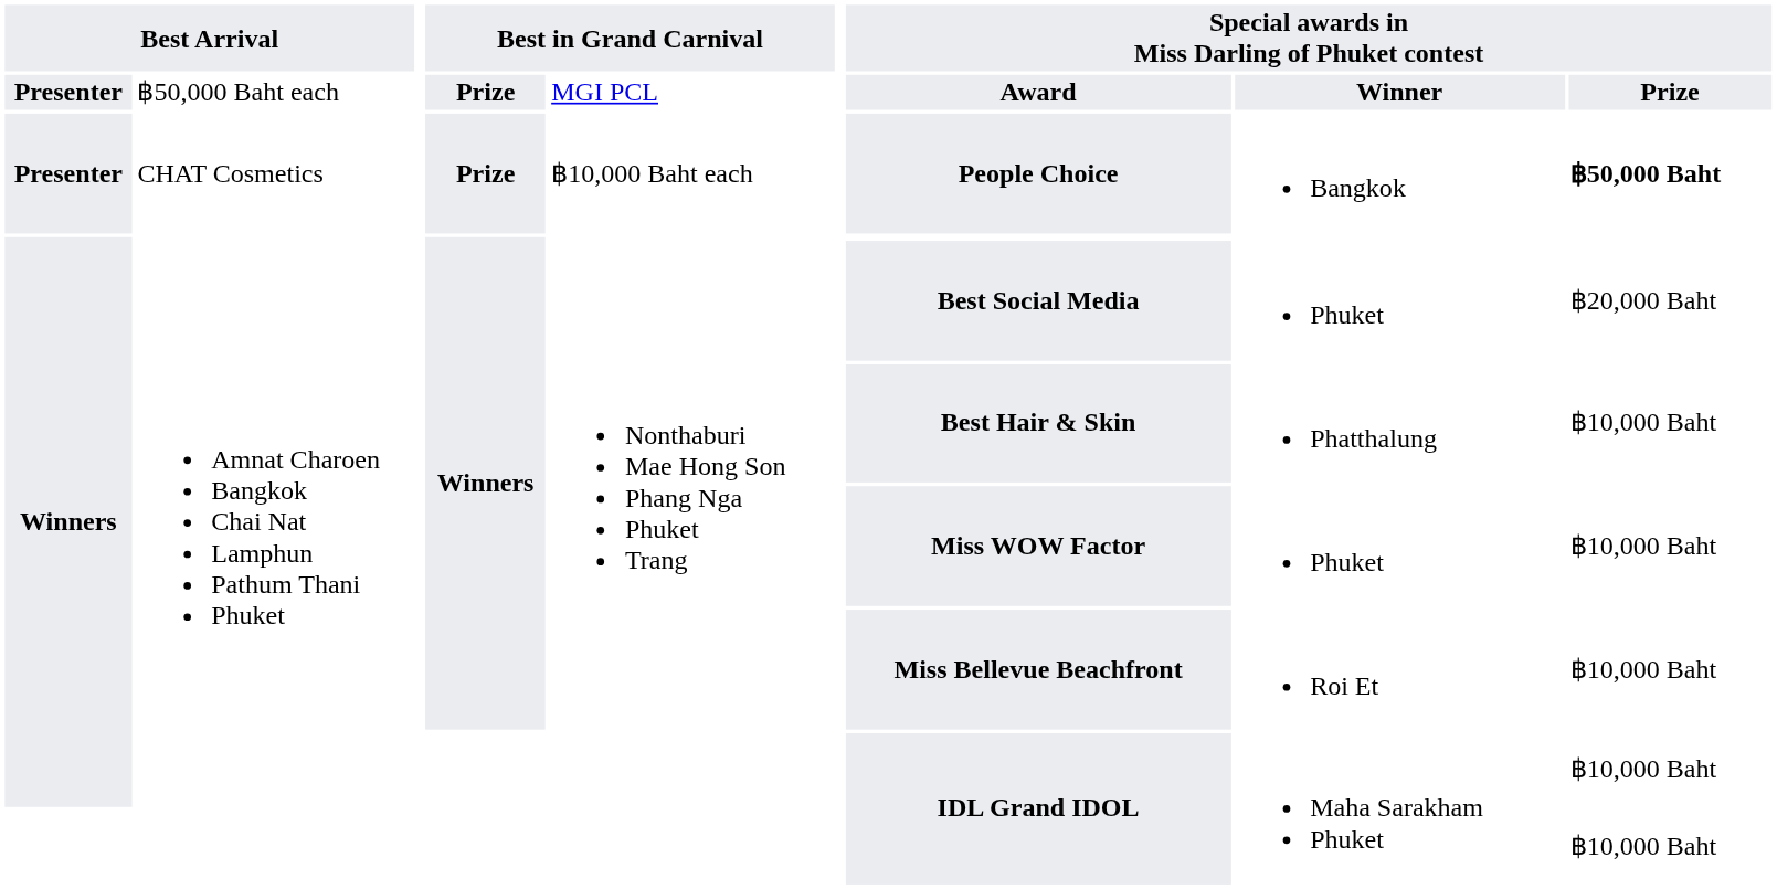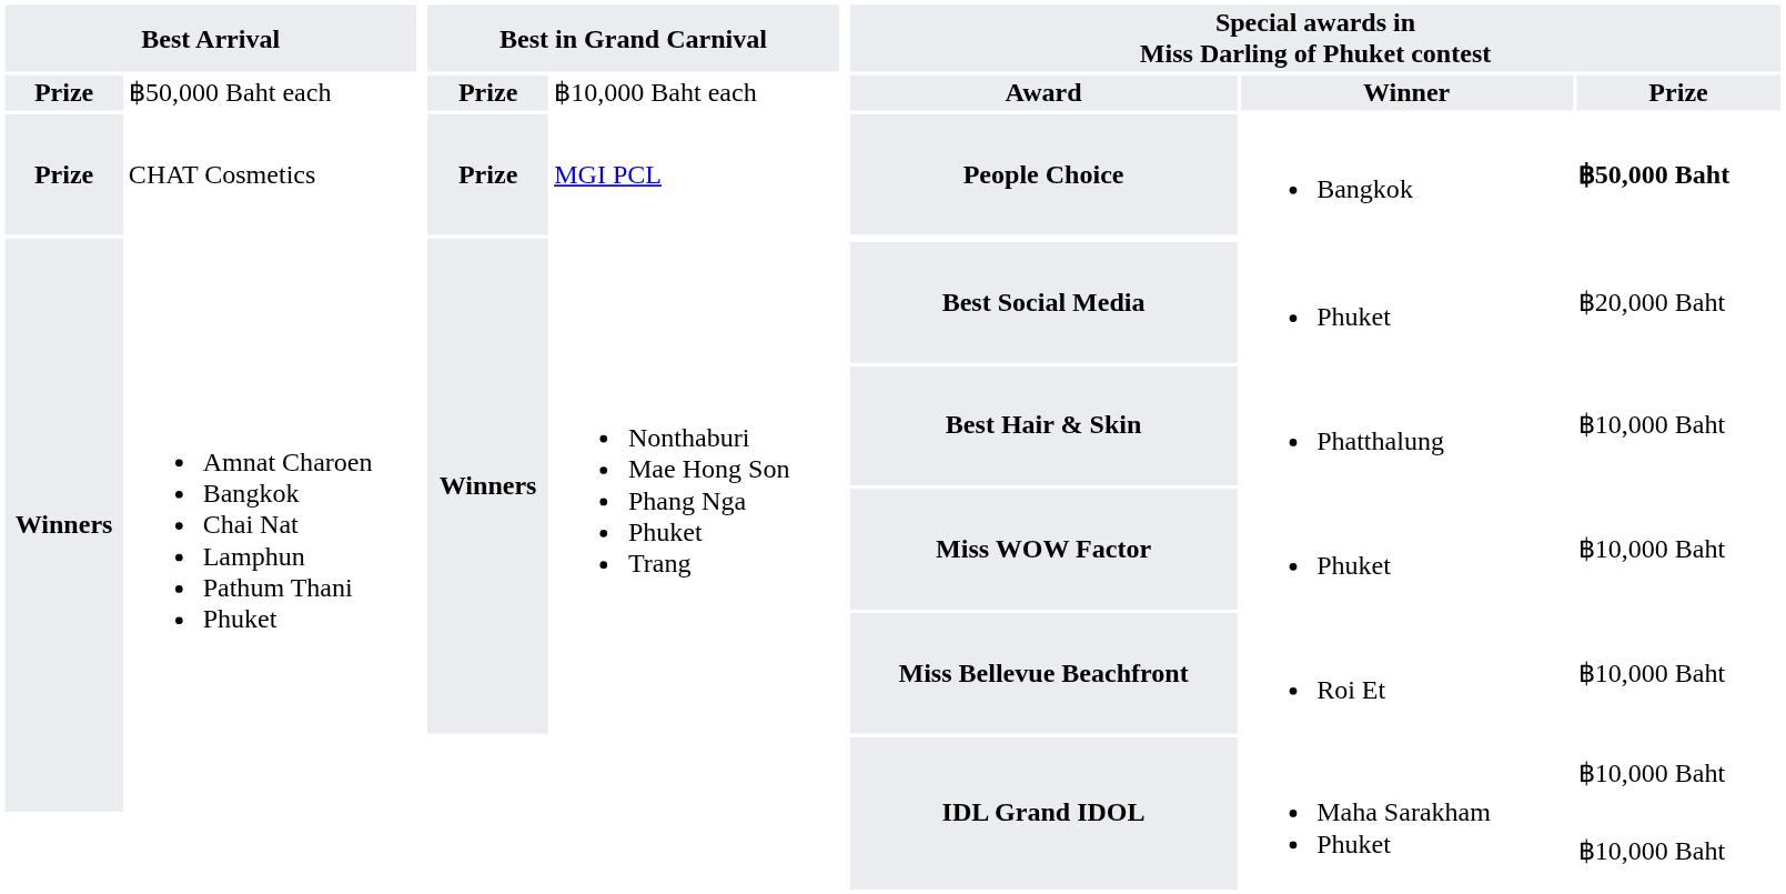 <table style="font-size: 90%";>
 <tr>
 <th width=220px bgcolor=#eaecf0 colspan=2><span>Best Arrival</span></th>
 <td rowspan=99></td>
 <th width=220px bgcolor=#eaecf0 colspan=2><span>Best in Grand Carnival</span></th>
 <td rowspan=99></td>
 <th width=500px bgcolor=#eaecf0 colspan=3><span>Special awards in<br>Miss Darling of Phuket contest</span></th>
 </tr>
 <tr>
-<th bgcolor=#eaecf0>Presenter</th>
+<th bgcolor=#eaecf0>Prize</th>
 <td>฿50,000 Baht each</td>
 <th bgcolor=#eaecf0>Prize</th>
-<td><a href='#'>MGI PCL</a></td>
+<td>฿10,000 Baht each</td>
 <th bgcolor=#eaecf0>Award</th>
 <th bgcolor=#eaecf0>Winner</th>
 <th bgcolor=#eaecf0>Prize</th>
 </tr>
 <tr>
-<th bgcolor=#eaecf0>Presenter</th>
+<th bgcolor=#eaecf0>Prize</th>
 <td>CHAT Cosmetics</td>
 <th bgcolor=#eaecf0>Prize</th>
-<td>฿10,000 Baht each</td>
+<td><a href='#'>MGI PCL</a></td>
 <th bgcolor=#eaecf0>People Choice</th>
 <td><br><ul><li>Bangkok</li></ul></td>
 <td><strong>฿50,000 Baht</strong></td>
 </tr>
 <tr>
 <th bgcolor=#eaecf0 rowspan=6>Winners</th>
 <td rowspan=6><br><ul><li>Amnat Charoen</li><li>Bangkok</li><li>Chai Nat</li><li>Lamphun</li><li>Pathum Thani</li><li>Phuket</li></ul></td>
 <th bgcolor=#eaecf0 rowspan=5>Winners</th>
 <td rowspan=5><br><ul><li>Nonthaburi</li><li>Mae Hong Son</li><li>Phang Nga</li><li>Phuket</li><li>Trang</li></ul></td>
 </tr>
 <tr>
 <th bgcolor=#eaecf0>Best Social Media</th>
 <td><br><ul><li>Phuket</li></ul></td>
 <td>฿20,000 Baht</td>
 </tr>
 <tr>
 <th bgcolor=#eaecf0>Best Hair & Skin</th>
 <td><br><ul><li>Phatthalung</li></ul></td>
 <td>฿10,000 Baht</td>
 </tr>
 <tr>
 <th bgcolor=#eaecf0>Miss WOW Factor</th>
 <td><br><ul><li>Phuket</li></ul></td>
 <td>฿10,000 Baht</td>
 </tr>
 <tr>
 <th bgcolor=#eaecf0>Miss Bellevue Beachfront</th>
 <td><br><ul><li>Roi Et</li></ul></td>
 <td>฿10,000 Baht</td>
 </tr>
 <tr>
 <td colspan=2></td>
 <th bgcolor=#eaecf0 rowspan=2>IDL Grand IDOL</th>
 <td rowspan=2><br><ul><li>Maha Sarakham</li><li>Phuket</li></ul></td>
 <td>฿10,000 Baht</td>
 </tr>
 <tr>
 <td colspan=5></td>
 <td>฿10,000 Baht</td>
 </tr>
 <tr>
 </tr>
 </table>
